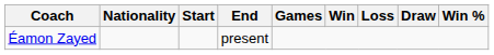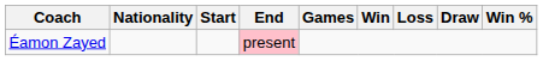 <table class="wikitable" style="text-align:center; margin-left: lem;">
 <tr>
 <th>Coach</th>
 <th>Nationality</th>
 <th>Start</th>
 <th>End</th>
 <th>Games</th>
 <th><strong>Win</strong></th>
 <th>Loss</th>
 <th>Draw</th>
 <th>Win %</th>
 </tr>
 <tr>
 <td><a href='#'>Éamon Zayed</a></td>
 <td></td>
 <td></td>
-<td>present<br></td>
+<td style="background: pink;">present<br></td>
 </tr>
 </table>
